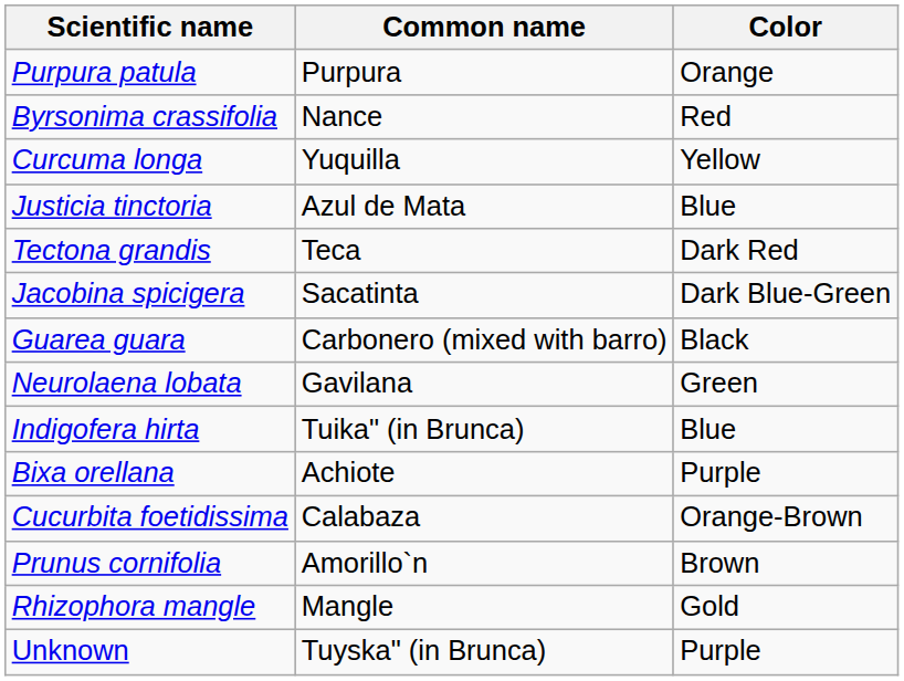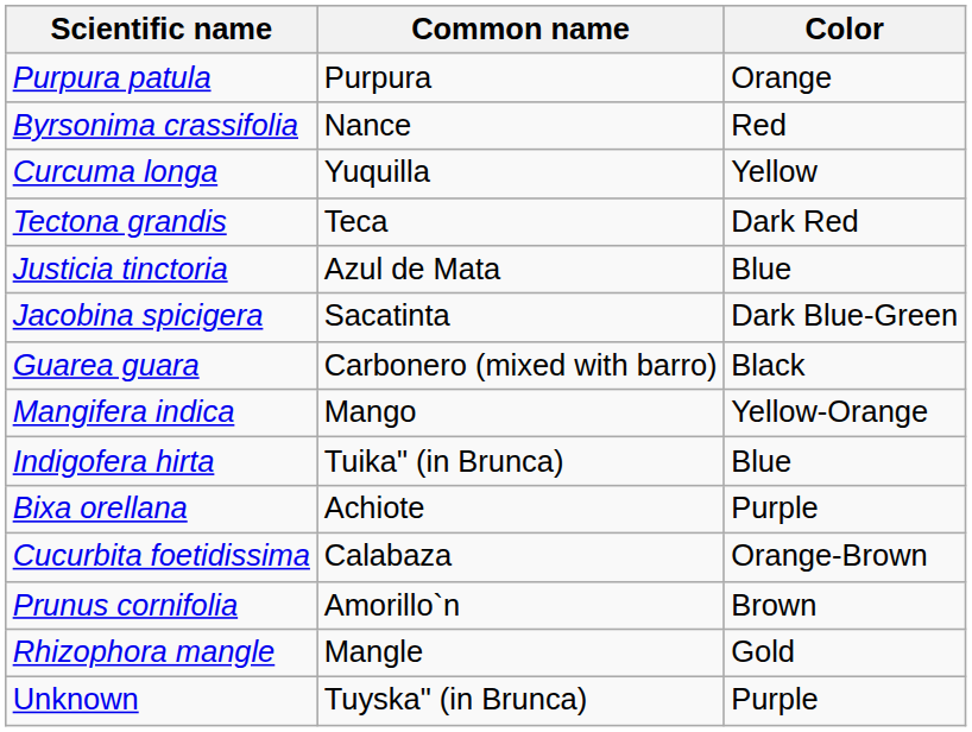 <table class="wikitable sortable mw-collapsible ">
 <tr>
 <th>Scientific name</th>
 <th>Common name</th>
 <th>Color</th>
 </tr>
 <tr>
 <td><em><a href='#'>Purpura patula</a></em></td>
 <td>Purpura</td>
 <td>Orange</td>
 </tr>
 <tr>
 <td><em><a href='#'>Byrsonima crassifolia</a></em></td>
 <td>Nance</td>
 <td>Red</td>
 </tr>
 <tr>
 <td><em><a href='#'>Curcuma longa</a></em></td>
 <td>Yuquilla</td>
 <td>Yellow</td>
 </tr>
 <tr>
+<td><em><a href='#'>Tectona grandis</a></em></td>
+<td>Teca</td>
+<td>Dark Red</td>
+</tr>
+<tr>
 <td><em><a href='#'>Justicia tinctoria</a></em></td>
 <td>Azul de Mata</td>
 <td>Blue</td>
-</tr>
-<tr>
-<td><em><a href='#'>Tectona grandis</a></em></td>
-<td>Teca</td>
-<td>Dark Red</td>
 </tr>
 <tr>
 <td><em><a href='#'>Jacobina spicigera</a></em></td>
 <td>Sacatinta</td>
 <td>Dark Blue-Green</td>
 </tr>
 <tr>
 <td><em><a href='#'>Guarea guara</a></em></td>
 <td>Carbonero (mixed with barro)</td>
 <td>Black</td>
 </tr>
 <tr>
-<td><em><a href='#'>Neurolaena lobata</a></em></td>
-<td>Gavilana</td>
-<td>Green</td>
+<td><em><a href='#'>Mangifera indica</a></em></td>
+<td>Mango</td>
+<td>Yellow-Orange</td>
 </tr>
 <tr>
 <td><em><a href='#'>Indigofera hirta</a></em></td>
 <td>Tuika" (in Brunca)</td>
 <td>Blue</td>
 </tr>
 <tr>
 <td><em><a href='#'>Bixa orellana</a></em></td>
 <td>Achiote</td>
 <td>Purple</td>
 </tr>
 <tr>
 <td><em><a href='#'>Cucurbita foetidissima</a></em></td>
 <td>Calabaza</td>
 <td>Orange-Brown</td>
 </tr>
 <tr>
 <td><em><a href='#'>Prunus cornifolia</a></em></td>
 <td>Amorillo`n</td>
 <td>Brown</td>
 </tr>
 <tr>
 <td><em><a href='#'>Rhizophora mangle</a></em></td>
 <td>Mangle</td>
 <td>Gold</td>
 </tr>
 <tr>
 <td><a href='#'>Unknown</a></td>
 <td>Tuyska" (in Brunca)</td>
 <td>Purple</td>
 </tr>
 </table>
